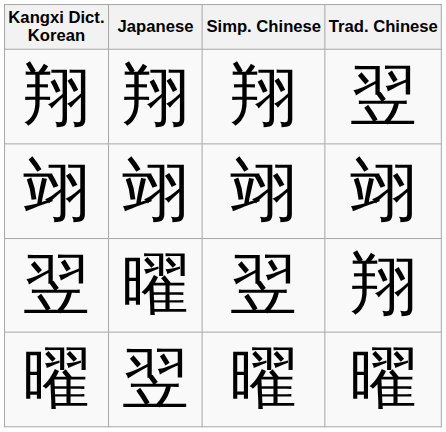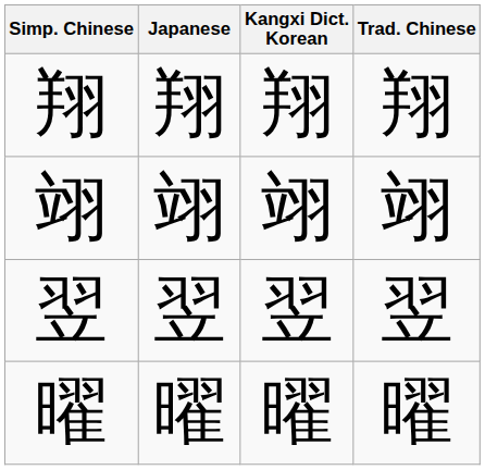 <table class="wikitable" style="text-align: center;">
 <tr>
+<th>Simp. Chinese</th>
+<th>Japanese</th>
 <th>Kangxi Dict.<br>Korean</th>
-<th>Japanese</th>
-<th>Simp. Chinese</th>
 <th>Trad. Chinese</th>
 </tr>
 <tr style="font-size:4em;font-family:serif;line-height:100%;">
+<td lang="zh-hans">翔</td>
+<td lang="ja">翔</td>
 <td lang="ko">翔</td>
-<td lang="ja">翔</td>
-<td lang="zh-hans">翔</td>
+<td lang="zh-hant">翔</td>
+</tr>
+<tr style="font-size:4em;font-family:serif;line-height:100%;">
+<td lang="zh-hans">翊</td>
+<td lang="ja">翊</td>
+<td lang="ko">翊</td>
+<td lang="zh-hant">翊</td>
+</tr>
+<tr style="font-size:4em;font-family:serif;line-height:100%;">
+<td lang="zh-hans">翌</td>
+<td lang="ja">翌</td>
+<td lang="ko">翌</td>
 <td lang="zh-hant">翌</td>
 </tr>
 <tr style="font-size:4em;font-family:serif;line-height:100%;">
-<td lang="ko">翊</td>
-<td lang="ja">翊</td>
-<td lang="zh-hans">翊</td>
-<td lang="zh-hant">翊</td>
-</tr>
-<tr style="font-size:4em;font-family:serif;line-height:100%;">
-<td lang="ko">翌</td>
+<td lang="zh-hans">曜</td>
 <td lang="ja">曜</td>
-<td lang="zh-hans">翌</td>
-<td lang="zh-hant">翔</td>
-</tr>
-<tr style="font-size:4em;font-family:serif;line-height:100%;">
 <td lang="ko">曜</td>
-<td lang="ja">翌</td>
-<td lang="zh-hans">曜</td>
 <td lang="zh-hant">曜</td>
 </tr>
 </table>
